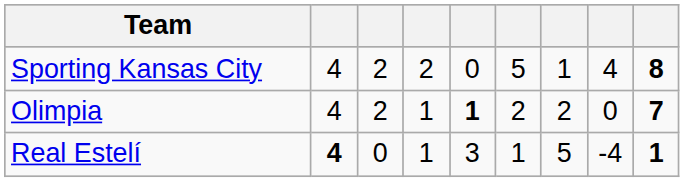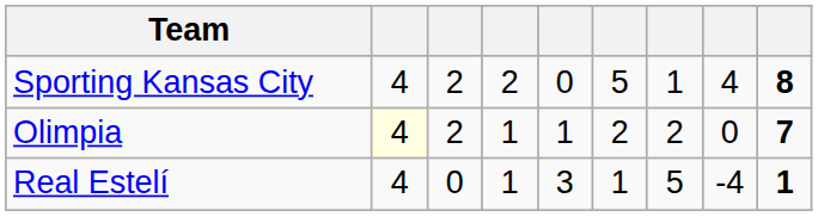 <table class="wikitable" style="text-align:center">
 <tr>
 <th width="175">Team</th>
 <th width="20"></th>
 <th width="20"></th>
 <th width="20"></th>
 <th width="20"></th>
 <th width="20"></th>
 <th width="20"></th>
 <th width="20"></th>
 <th width="20"></th>
 </tr>
 <tr>
 <td align=left> <a href='#'>Sporting Kansas City</a></td>
 <td>4</td>
 <td>2</td>
 <td>2</td>
 <td>0</td>
 <td>5</td>
 <td>1</td>
 <td>4</td>
 <td><strong>8</strong></td>
 </tr>
 <tr>
 <td align=left> <a href='#'>Olimpia</a></td>
-<td>4</td>
+<td style="background: lightyellow;">4</td>
 <td>2</td>
 <td>1</td>
-<td><strong>1</strong></td>
+<td>1</td>
 <td>2</td>
 <td>2</td>
 <td>0</td>
 <td><strong>7</strong></td>
 </tr>
 <tr>
 <td align=left> <a href='#'>Real Estelí</a></td>
-<td><strong>4</strong></td>
+<td>4</td>
 <td>0</td>
 <td>1</td>
 <td>3</td>
 <td>1</td>
 <td>5</td>
 <td>-4</td>
 <td><strong>1</strong></td>
 </tr>
 </table>
